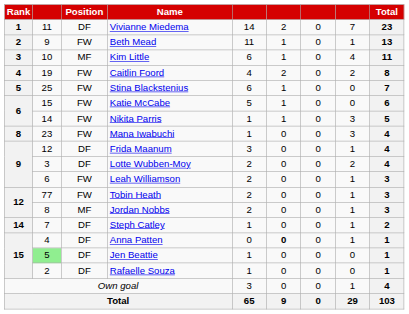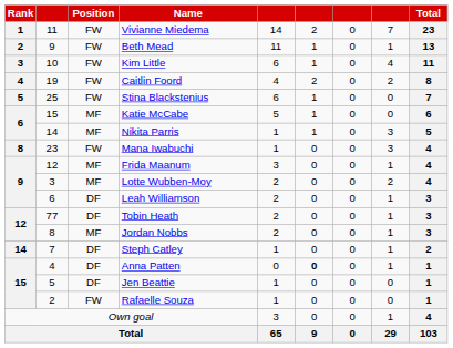 <table class="wikitable sortable" style="text-align:center; font-size:100%; ">
 <tr>
 <th style="background:#d50000; color:white; text-align:center; width:40px;">Rank</th>
 <th style="background:#d50000; color:white; text-align:center; width:40px;"></th>
 <th style="background:#d50000; color:white; text-align:center; width:70px;">Position</th>
 <th style="background:#d50000; color:white; text-align:center; width:200px;">Name</th>
 <th style="background:#d50000; color:white; text-align:center; width:50px;"><a href='#'></a></th>
 <th style="background:#d50000; color:white; text-align:center; width:50px;"><a href='#'></a></th>
 <th style="background:#d50000; color:white; text-align:center; width:50px;"><a href='#'></a></th>
 <th style="background:#d50000; color:white; text-align:center; width:50px;"><a href='#'></a></th>
 <th style="background:#d50000; color:white; text-align:center; width:50px;">Total</th>
 </tr>
 <tr>
 <th>1</th>
 <td>11</td>
-<td>DF</td>
+<td>FW</td>
 <td align="left"> <a href='#'>Vivianne Miedema</a></td>
 <td>14</td>
 <td>2</td>
 <td>0</td>
 <td>7</td>
 <th>23</th>
 </tr>
 <tr>
 <th>2</th>
 <td>9</td>
 <td>FW</td>
 <td align="left"> <a href='#'>Beth Mead</a></td>
 <td>11</td>
 <td>1</td>
 <td>0</td>
 <td>1</td>
 <th>13</th>
 </tr>
 <tr>
 <th>3</th>
 <td>10</td>
-<td>MF</td>
+<td>FW</td>
 <td align="left"> <a href='#'>Kim Little</a></td>
 <td>6</td>
 <td>1</td>
 <td>0</td>
 <td>4</td>
 <th>11</th>
 </tr>
 <tr>
 <th>4</th>
 <td>19</td>
 <td>FW</td>
 <td align="left"> <a href='#'>Caitlin Foord</a></td>
 <td>4</td>
 <td>2</td>
 <td>0</td>
 <td>2</td>
 <th>8</th>
 </tr>
 <tr>
 <th>5</th>
 <td>25</td>
 <td>FW</td>
 <td align="left"> <a href='#'>Stina Blackstenius</a></td>
 <td>6</td>
 <td>1</td>
 <td>0</td>
 <td>0</td>
 <th>7</th>
 </tr>
 <tr>
 <th rowspan="2">6</th>
 <td>15</td>
-<td>FW</td>
+<td>MF</td>
 <td align="left"> <a href='#'>Katie McCabe</a></td>
 <td>5</td>
 <td>1</td>
 <td>0</td>
 <td>0</td>
 <th>6</th>
 </tr>
 <tr>
 <td>14</td>
-<td>FW</td>
+<td>MF</td>
 <td align="left"> <a href='#'>Nikita Parris</a></td>
 <td>1</td>
 <td>1</td>
 <td>0</td>
 <td>3</td>
 <th>5</th>
 </tr>
 <tr>
 <th>8</th>
 <td>23</td>
 <td>FW</td>
 <td align="left"> <a href='#'>Mana Iwabuchi</a></td>
 <td>1</td>
 <td>0</td>
 <td>0</td>
 <td>3</td>
 <th>4</th>
 </tr>
 <tr>
 <th rowspan="3">9</th>
 <td>12</td>
-<td>DF</td>
+<td>MF</td>
 <td align="left"> <a href='#'>Frida Maanum</a></td>
 <td>3</td>
 <td>0</td>
 <td>0</td>
 <td>1</td>
 <th>4</th>
 </tr>
 <tr>
 <td>3</td>
-<td>DF</td>
+<td>MF</td>
 <td align="left"> <a href='#'>Lotte Wubben-Moy</a></td>
 <td>2</td>
 <td>0</td>
 <td>0</td>
 <td>2</td>
 <th>4</th>
 </tr>
 <tr>
 <td>6</td>
-<td>FW</td>
+<td>DF</td>
 <td align="left"> <a href='#'>Leah Williamson</a></td>
 <td>2</td>
 <td>0</td>
 <td>0</td>
 <td>1</td>
 <th>3</th>
 </tr>
 <tr>
 <th rowspan="2">12</th>
 <td>77</td>
-<td>FW</td>
+<td>DF</td>
 <td align="left"> <a href='#'>Tobin Heath</a></td>
 <td>2</td>
 <td>0</td>
 <td>0</td>
 <td>1</td>
 <th>3</th>
 </tr>
 <tr>
 <td>8</td>
 <td>MF</td>
 <td align="left"> <a href='#'>Jordan Nobbs</a></td>
 <td>2</td>
 <td>0</td>
 <td>0</td>
 <td>1</td>
 <th>3</th>
 </tr>
 <tr>
 <th>14</th>
 <td>7</td>
 <td>DF</td>
 <td align="left"> <a href='#'>Steph Catley</a></td>
 <td>1</td>
 <td>0</td>
 <td>0</td>
 <td>1</td>
 <th>2</th>
 </tr>
 <tr>
 <th rowspan="3">15</th>
 <td>4</td>
 <td>DF</td>
 <td align="left"> <a href='#'>Anna Patten</a></td>
 <td>0</td>
 <td><strong>0</strong></td>
 <td>0</td>
 <td>1</td>
 <th>1</th>
 </tr>
 <tr>
-<td style="background: lightgreen;">5</td>
+<td>5</td>
 <td>DF</td>
 <td align="left"> <a href='#'>Jen Beattie</a></td>
 <td>1</td>
 <td>0</td>
 <td>0</td>
 <td>0</td>
 <th>1</th>
 </tr>
 <tr>
 <td>2</td>
-<td>DF</td>
+<td>FW</td>
 <td align="left"> <a href='#'>Rafaelle Souza</a></td>
 <td>1</td>
 <td>0</td>
 <td>0</td>
 <td>0</td>
 <th>1</th>
 </tr>
 <tr>
 <td colspan="4"><em>Own goal</em></td>
 <td>3</td>
 <td>0</td>
 <td>0</td>
 <td>1</td>
 <th>4</th>
 </tr>
 <tr>
 <th colspan="4">Total</th>
 <th>65</th>
 <th>9</th>
 <th>0</th>
 <th>29</th>
 <th>103</th>
 </tr>
 </table>
